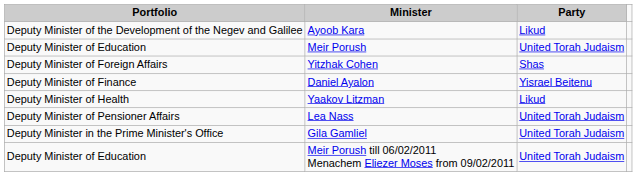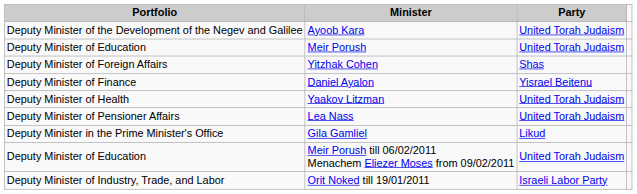 <table class="wikitable">
 <tr>
 <th style="background:#ccc;">Portfolio</th>
 <th style="background:#ccc;">Minister</th>
 <th style="background:#ccc;">Party</th>
 </tr>
 <tr>
 <td>Deputy Minister of the Development of the Negev and Galilee</td>
 <td><a href='#'>Ayoob Kara</a></td>
-<td><a href='#'>Likud</a></td>
+<td><a href='#'>United Torah Judaism</a></td>
 <td style="background:"></td>
 </tr>
 <tr>
 <td>Deputy Minister of Education</td>
 <td><a href='#'>Meir Porush</a></td>
 <td><a href='#'>United Torah Judaism</a></td>
 <td style="background:"></td>
 </tr>
 <tr>
 <td>Deputy Minister of Foreign Affairs</td>
 <td><a href='#'>Yitzhak Cohen</a></td>
 <td><a href='#'>Shas</a></td>
 <td style="background:"></td>
 </tr>
 <tr>
 <td>Deputy Minister of Finance</td>
 <td><a href='#'>Daniel Ayalon</a></td>
 <td><a href='#'>Yisrael Beitenu</a></td>
 <td style="background:"></td>
 </tr>
 <tr>
 <td>Deputy Minister of Health</td>
 <td><a href='#'>Yaakov Litzman</a></td>
-<td><a href='#'>Likud</a></td>
+<td><a href='#'>United Torah Judaism</a></td>
 <td style="background:"></td>
 </tr>
 <tr>
 <td>Deputy Minister of Pensioner Affairs</td>
 <td><a href='#'>Lea Nass</a></td>
 <td><a href='#'>United Torah Judaism</a></td>
 <td style="background:"></td>
 </tr>
 <tr>
 <td>Deputy Minister in the Prime Minister's Office</td>
 <td><a href='#'>Gila Gamliel</a></td>
-<td><a href='#'>United Torah Judaism</a></td>
+<td><a href='#'>Likud</a></td>
 <td style="background:"></td>
 </tr>
 <tr>
 <td>Deputy Minister of Education</td>
 <td><a href='#'>Meir Porush</a> till 06/02/2011<br>Menachem <a href='#'>Eliezer Moses</a> from 09/02/2011</td>
 <td><a href='#'>United Torah Judaism</a></td>
 <td style="background:"></td>
 </tr>
+<tr>
+<td>Deputy Minister of Industry, Trade, and Labor</td>
+<td><a href='#'>Orit Noked</a> till 19/01/2011</td>
+<td><a href='#'>Israeli Labor Party</a></td>
+<td style="background:"></td>
+</tr>
 </table>
